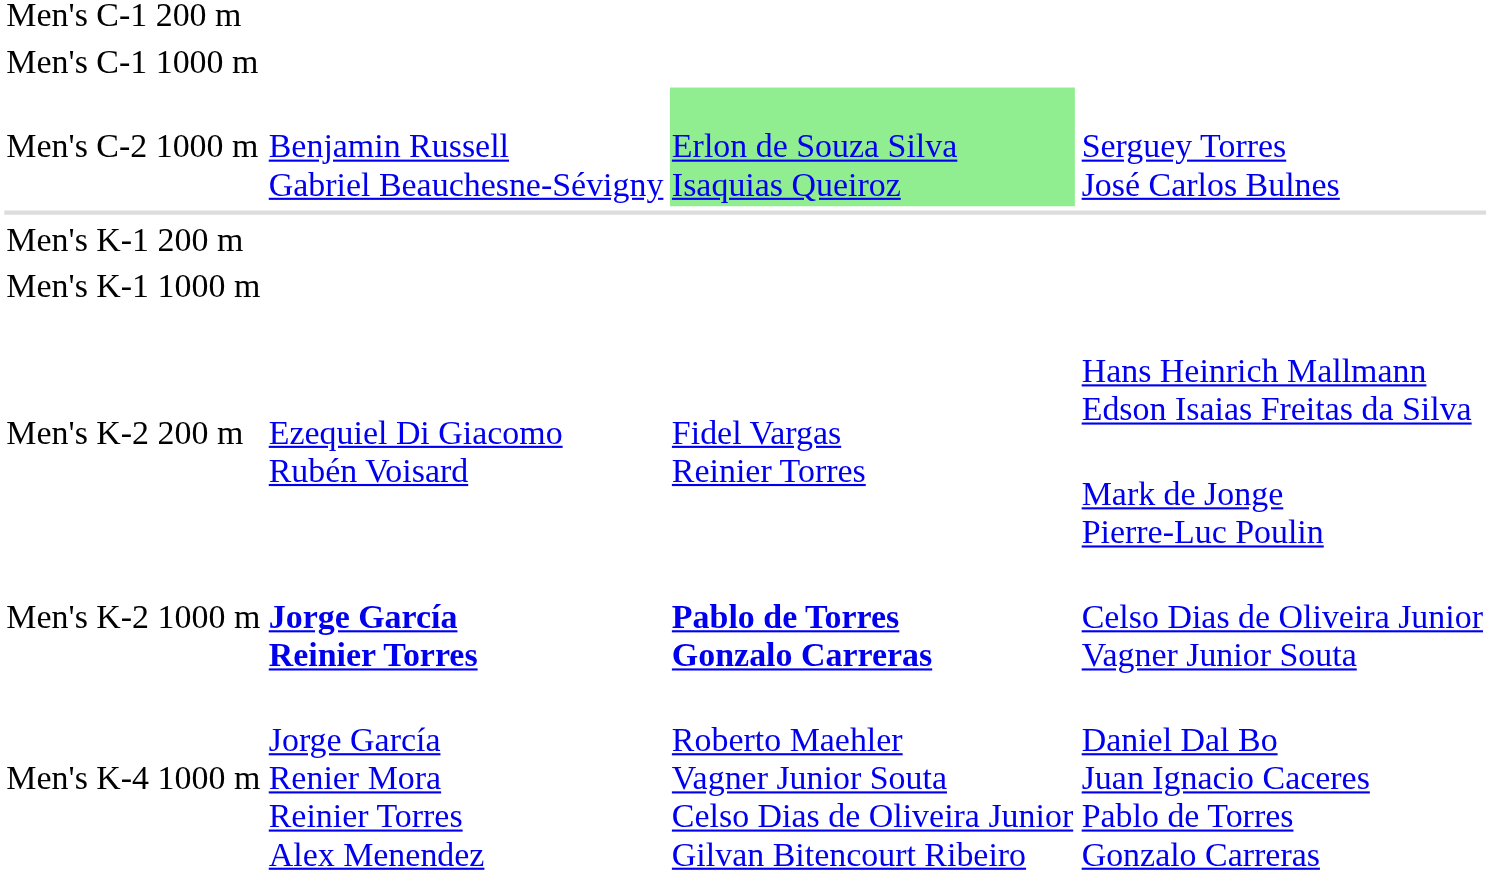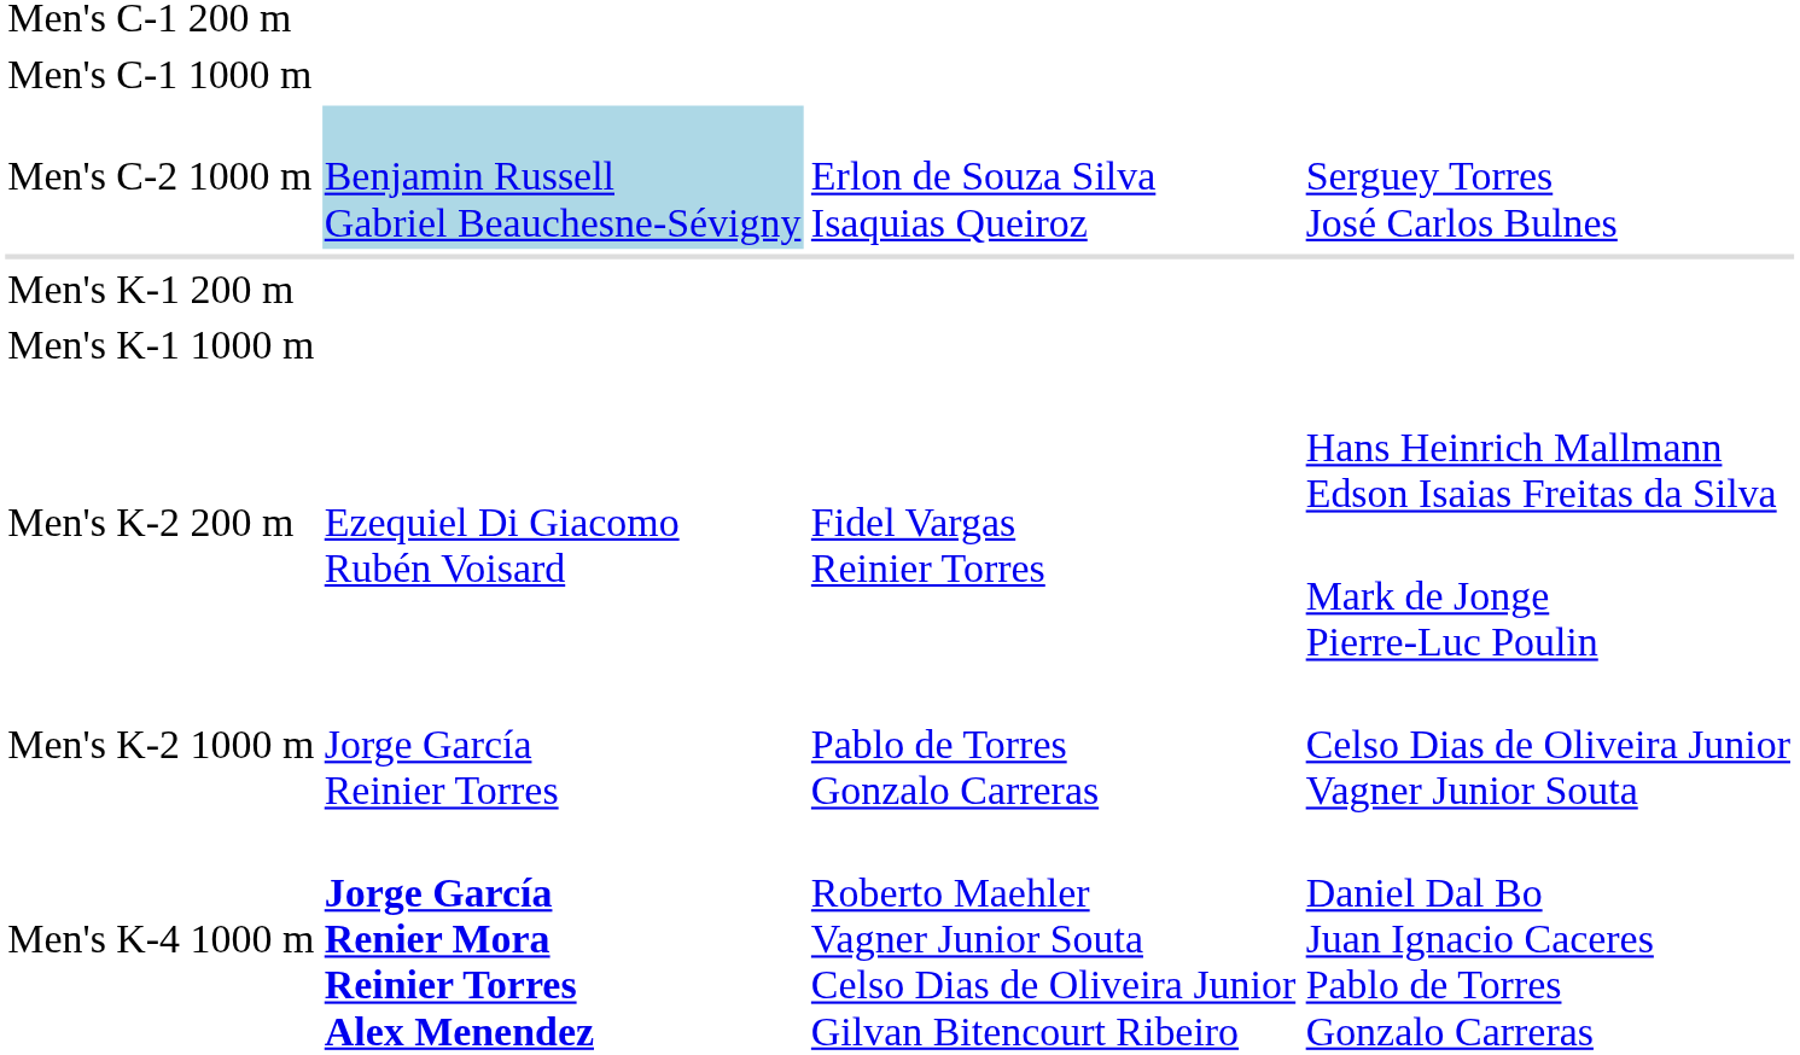 <table>
 <tr>
 <td>Men's C-1 200 m<br></td>
 <td></td>
 <td></td>
 <td></td>
 </tr>
 <tr>
 <td>Men's C-1 1000 m<br></td>
 <td></td>
 <td></td>
 <td></td>
 </tr>
 <tr>
 <td>Men's C-2 1000 m<br></td>
-<td><br><a href='#'>Benjamin Russell</a><br><a href='#'>Gabriel Beauchesne-Sévigny</a></td>
-<td style="background: lightgreen;"><br><a href='#'>Erlon de Souza Silva</a><br><a href='#'>Isaquias Queiroz</a></td>
+<td style="background: lightblue;"><br><a href='#'>Benjamin Russell</a><br><a href='#'>Gabriel Beauchesne-Sévigny</a></td>
+<td><br><a href='#'>Erlon de Souza Silva</a><br><a href='#'>Isaquias Queiroz</a></td>
 <td><br><a href='#'>Serguey Torres</a><br><a href='#'>José Carlos Bulnes</a></td>
 </tr>
 <tr bgcolor=#DDDDDD>
 <td colspan=7></td>
 </tr>
 <tr>
 <td>Men's K-1 200 m<br></td>
 <td></td>
 <td></td>
 <td></td>
 </tr>
 <tr>
 <td>Men's K-1 1000 m<br></td>
 <td></td>
 <td></td>
 <td></td>
 </tr>
 <tr>
 <td rowspan=2>Men's K-2 200 m<br></td>
 <td rowspan=2><br><a href='#'>Ezequiel Di Giacomo</a><br><a href='#'>Rubén Voisard</a></td>
 <td rowspan=2><br><a href='#'>Fidel Vargas</a><br><a href='#'>Reinier Torres</a></td>
 <td><br><a href='#'>Hans Heinrich Mallmann</a><br><a href='#'>Edson Isaias Freitas da Silva</a></td>
 </tr>
 <tr>
 <td><br><a href='#'>Mark de Jonge</a><br><a href='#'>Pierre-Luc Poulin</a></td>
 </tr>
 <tr>
 <td>Men's K-2 1000 m<br></td>
-<td><strong><br><a href='#'>Jorge García</a><br><a href='#'>Reinier Torres</a></strong></td>
-<td><strong><br><a href='#'>Pablo de Torres</a><br><a href='#'>Gonzalo Carreras</a></strong></td>
+<td><br><a href='#'>Jorge García</a><br><a href='#'>Reinier Torres</a></td>
+<td><br><a href='#'>Pablo de Torres</a><br><a href='#'>Gonzalo Carreras</a></td>
 <td><br><a href='#'>Celso Dias de Oliveira Junior</a><br><a href='#'>Vagner Junior Souta</a></td>
 </tr>
 <tr>
 <td>Men's K-4 1000 m<br></td>
-<td><br><a href='#'>Jorge García</a><br><a href='#'>Renier Mora</a><br><a href='#'>Reinier Torres</a><br><a href='#'>Alex Menendez</a></td>
+<td><strong><br><a href='#'>Jorge García</a><br><a href='#'>Renier Mora</a><br><a href='#'>Reinier Torres</a><br><a href='#'>Alex Menendez</a></strong></td>
 <td><br><a href='#'>Roberto Maehler</a><br><a href='#'>Vagner Junior Souta</a><br><a href='#'>Celso Dias de Oliveira Junior</a><br><a href='#'>Gilvan Bitencourt Ribeiro</a></td>
 <td><br><a href='#'>Daniel Dal Bo</a><br><a href='#'>Juan Ignacio Caceres</a><br><a href='#'>Pablo de Torres</a><br><a href='#'>Gonzalo Carreras</a></td>
 </tr>
 </table>
